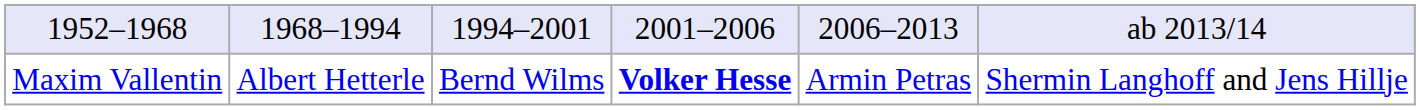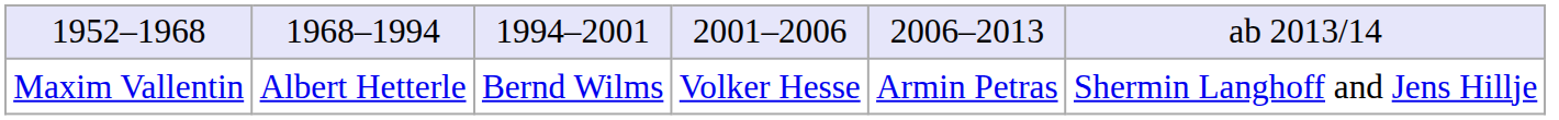 <table class="wikitable">
 <tr style="background:lavender" align="center">
 <td>1952–1968</td>
 <td>1968–1994</td>
 <td>1994–2001</td>
 <td>2001–2006</td>
 <td>2006–2013</td>
 <td>ab 2013/14</td>
 </tr>
 <tr style="background:white">
 <td><a href='#'>Maxim Vallentin</a></td>
 <td><a href='#'>Albert Hetterle</a></td>
 <td><a href='#'>Bernd Wilms</a></td>
-<td><strong><a href='#'>Volker Hesse</a></strong></td>
+<td><a href='#'>Volker Hesse</a></td>
 <td><a href='#'>Armin Petras</a></td>
 <td><a href='#'>Shermin Langhoff</a> and <a href='#'>Jens Hillje</a></td>
 </tr>
 </table>
